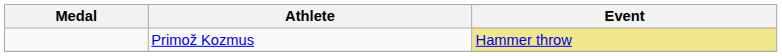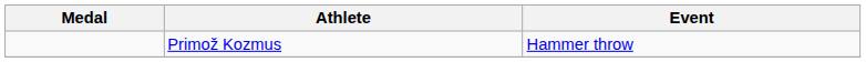 <table class="wikitable" style="font-size:90%" width=60%>
 <tr>
 <th>Medal</th>
 <th>Athlete</th>
 <th>Event</th>
 </tr>
 <tr>
 <td></td>
 <td><a href='#'>Primož Kozmus</a></td>
-<td style="background: khaki;"><a href='#'>Hammer throw</a></td>
+<td><a href='#'>Hammer throw</a></td>
 </tr>
 <tr>
 </tr>
 </table>
